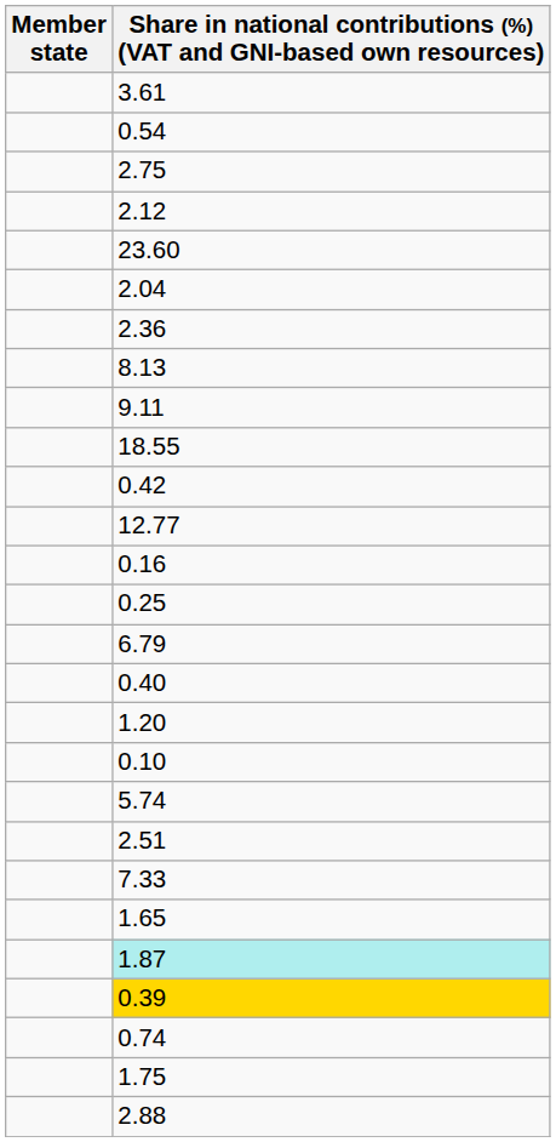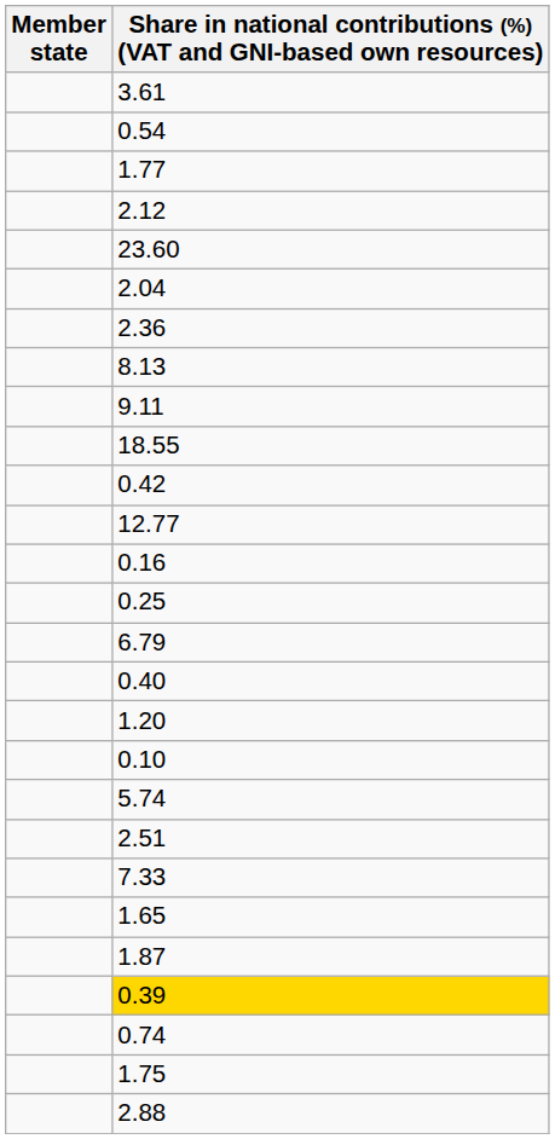 <table class="wikitable sortable">
 <tr>
 <th scope="col" data-sort-type="text">Member<br>state</th>
 <th scope="col" data-sort-type="number">Share in national contributions <small>(%)</small><br>(VAT and GNI-based own resources)</th>
 </tr>
 <tr>
 <td></td>
 <td>3.61</td>
 </tr>
 <tr>
 <td></td>
 <td>0.54</td>
 </tr>
 <tr>
 <td></td>
-<td>2.75</td>
+<td>1.77</td>
 </tr>
 <tr>
 <td></td>
 <td>2.12</td>
 </tr>
 <tr>
 <td></td>
 <td>23.60</td>
 </tr>
 <tr>
 <td></td>
 <td>2.04</td>
 </tr>
 <tr>
 <td></td>
 <td>2.36</td>
 </tr>
 <tr>
 <td></td>
 <td>8.13</td>
 </tr>
 <tr>
 <td></td>
 <td>9.11</td>
 </tr>
 <tr>
 <td></td>
 <td>18.55</td>
 </tr>
 <tr>
 <td></td>
 <td>0.42</td>
 </tr>
 <tr>
 <td></td>
 <td>12.77</td>
 </tr>
 <tr>
 <td></td>
 <td>0.16</td>
 </tr>
 <tr>
 <td></td>
 <td>0.25</td>
 </tr>
 <tr>
 <td></td>
 <td>6.79</td>
 </tr>
 <tr>
 <td></td>
 <td>0.40</td>
 </tr>
 <tr>
 <td></td>
 <td>1.20</td>
 </tr>
 <tr>
 <td></td>
 <td>0.10</td>
 </tr>
 <tr>
 <td></td>
 <td>5.74</td>
 </tr>
 <tr>
 <td></td>
 <td>2.51</td>
 </tr>
 <tr>
 <td></td>
 <td>7.33</td>
 </tr>
 <tr>
 <td></td>
 <td>1.65</td>
 </tr>
 <tr>
 <td></td>
-<td style="background: paleturquoise;">1.87</td>
+<td>1.87</td>
 </tr>
 <tr>
 <td></td>
 <td style="background: gold;">0.39</td>
 </tr>
 <tr>
 <td></td>
 <td>0.74</td>
 </tr>
 <tr>
 <td></td>
 <td>1.75</td>
 </tr>
 <tr>
 <td></td>
 <td>2.88</td>
 </tr>
 </table>
